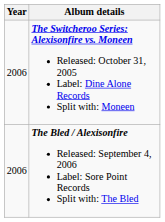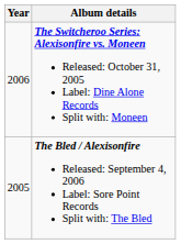 <table class="wikitable">
 <tr>
 <th>Year</th>
 <th width="200">Album details</th>
 </tr>
 <tr>
 <td>2006</td>
 <td><strong><em><a href='#'>The Switcheroo Series:<br>Alexisonfire vs. Moneen</a></em></strong><br><ul><li>Released: October 31, 2005</li><li>Label: <a href='#'>Dine Alone Records</a></li><li>Split with: <a href='#'>Moneen</a></li></ul></td>
 </tr>
 <tr>
-<td>2006</td>
+<td>2005</td>
 <td><strong><em>The Bled / Alexisonfire</em></strong><br><ul><li>Released: September 4, 2006</li><li>Label: Sore Point Records</li><li>Split with: <a href='#'>The Bled</a></li></ul></td>
 </tr>
 </table>
